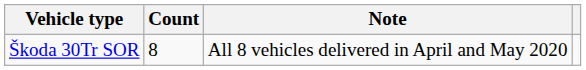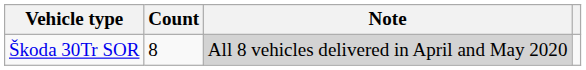 <table class="wikitable">
 <tr>
 <th>Vehicle type</th>
 <th>Count</th>
 <th>Note</th>
 <th></th>
 </tr>
 <tr>
 <td><a href='#'>Škoda 30Tr SOR</a></td>
 <td>8</td>
-<td>All 8 vehicles delivered in April and May 2020</td>
+<td style="background: lightgrey;">All 8 vehicles delivered in April and May 2020</td>
 <td></td>
 </tr>
 </table>
